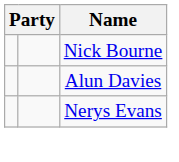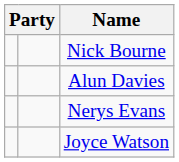 <table class="wikitable" style="text-align:center">
 <tr>
 <th colspan="2">Party</th>
 <th>Name</th>
 </tr>
 <tr>
 <td style="width: 4px"></td>
 <td style="text-align: left;" scope="row"><a href='#'></a></td>
 <td><a href='#'>Nick Bourne</a></td>
 </tr>
 <tr>
 <td style="width: 4px"></td>
 <td style="text-align: left;" scope="row"><a href='#'></a></td>
 <td><a href='#'>Alun Davies</a></td>
 </tr>
 <tr>
 <td style="width: 4px"></td>
 <td style="text-align: left;" scope="row"><a href='#'></a></td>
 <td><a href='#'>Nerys Evans</a></td>
 </tr>
+<tr>
+<td style="width: 4px"></td>
+<td style="text-align: left;" scope="row"><a href='#'></a></td>
+<td><a href='#'>Joyce Watson</a></td>
+</tr>
 </table>
